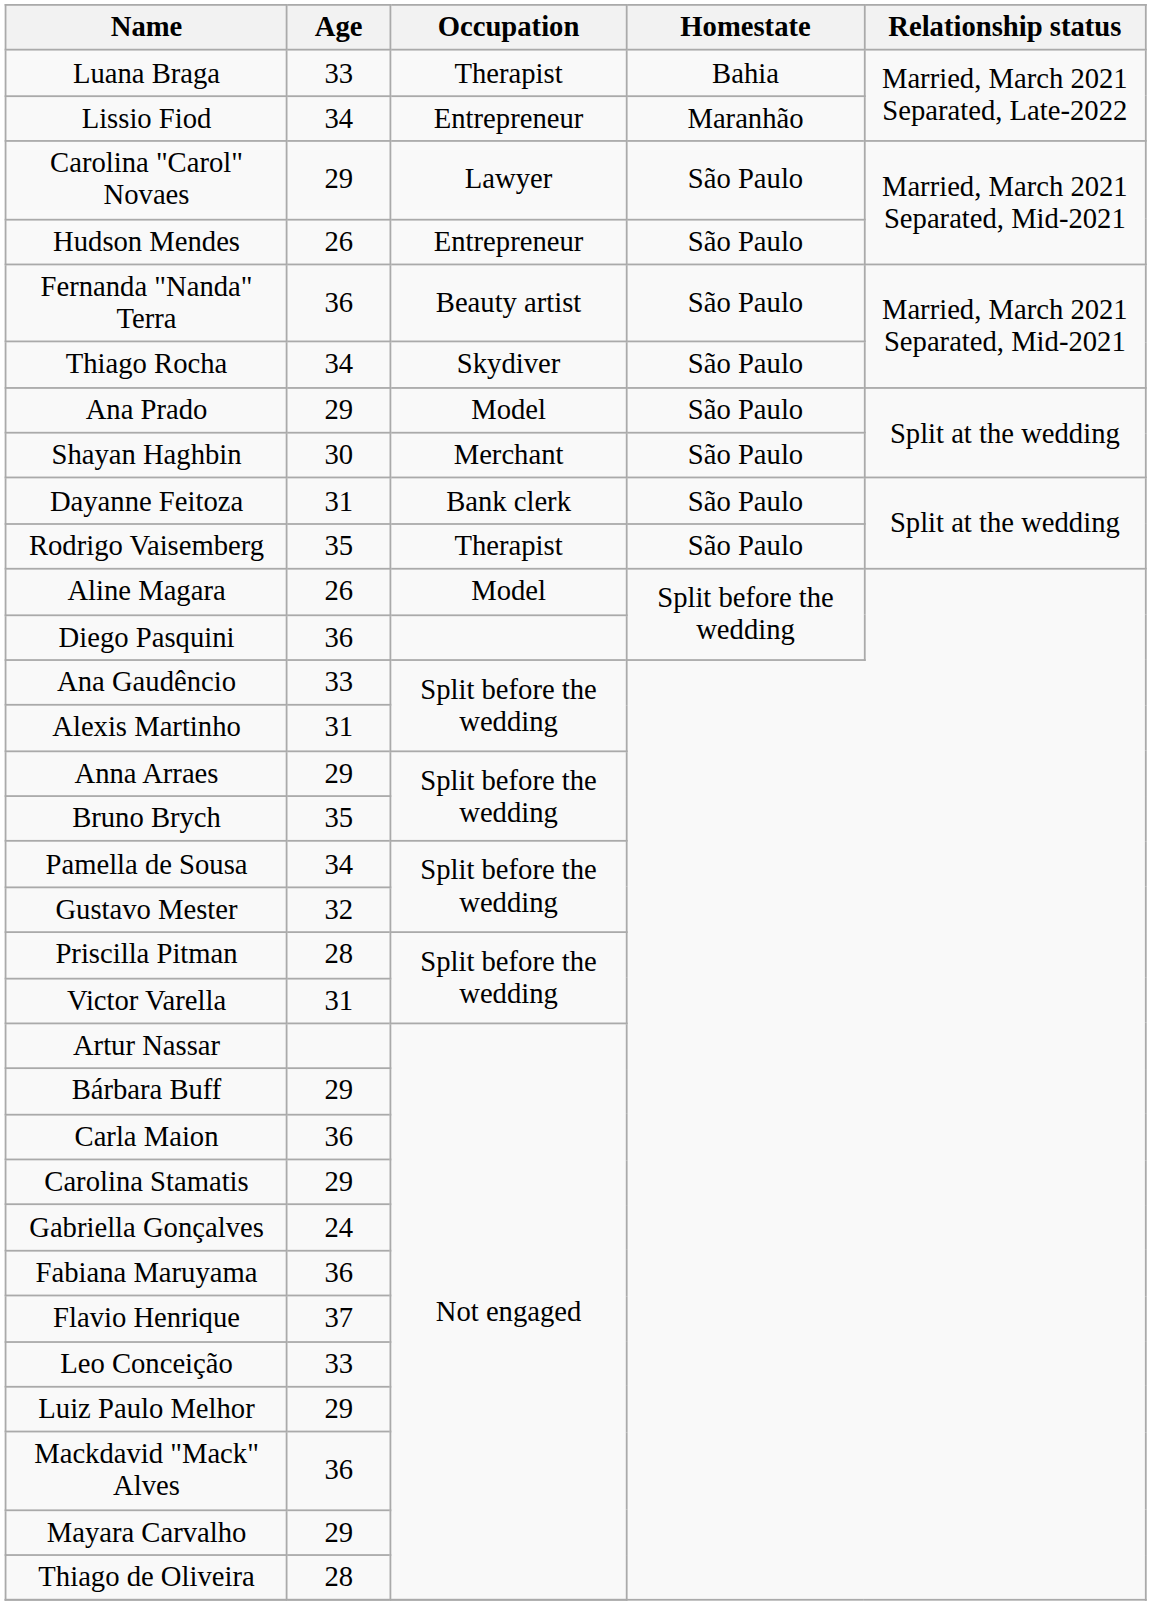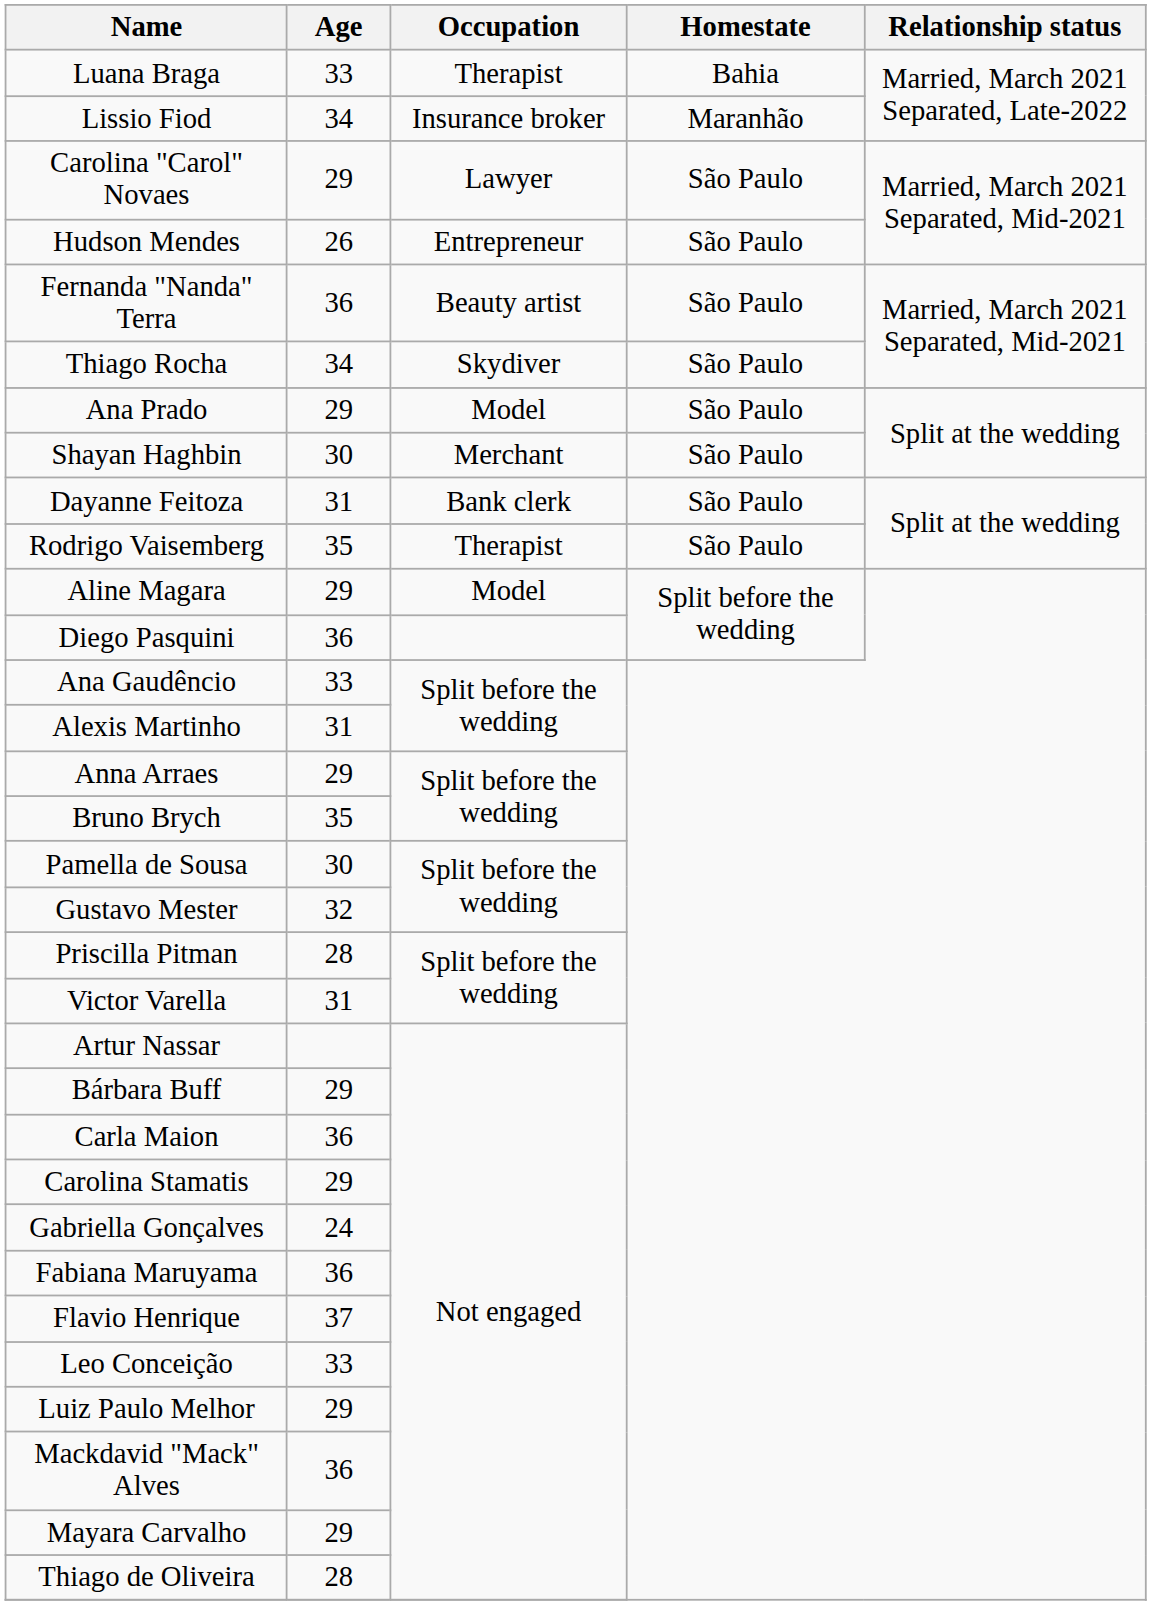 <table class="wikitable sortable"  style="text-align:center;margin:1em auto;">
 <tr>
 <th width=150>Name</th>
 <th width=050>Age</th>
 <th width=125>Occupation</th>
 <th width=125>Homestate</th>
 <th width=150>Relationship status</th>
 </tr>
 <tr>
 <td>Luana Braga</td>
 <td>33</td>
 <td>Therapist</td>
 <td>Bahia</td>
 <td rowspan=2>Married, March 2021<br>Separated, Late-2022</td>
 </tr>
 <tr>
 <td>Lissio Fiod</td>
 <td>34</td>
-<td>Entrepreneur</td>
+<td>Insurance broker</td>
 <td>Maranhão</td>
 </tr>
 <tr>
 <td>Carolina "Carol" Novaes</td>
 <td>29</td>
 <td>Lawyer</td>
 <td>São Paulo</td>
 <td rowspan=2>Married, March 2021<br>Separated, Mid-2021</td>
 </tr>
 <tr>
 <td>Hudson Mendes</td>
 <td>26</td>
 <td>Entrepreneur</td>
 <td>São Paulo</td>
 </tr>
 <tr>
 <td>Fernanda "Nanda" Terra</td>
 <td>36</td>
 <td>Beauty artist</td>
 <td>São Paulo</td>
 <td rowspan=2>Married, March 2021<br>Separated, Mid-2021</td>
 </tr>
 <tr>
 <td>Thiago Rocha</td>
 <td>34</td>
 <td>Skydiver</td>
 <td>São Paulo</td>
 </tr>
 <tr>
 <td>Ana Prado</td>
 <td>29</td>
 <td>Model</td>
 <td>São Paulo</td>
 <td rowspan=2>Split at the wedding</td>
 </tr>
 <tr>
 <td>Shayan Haghbin</td>
 <td>30</td>
 <td>Merchant</td>
 <td>São Paulo</td>
 </tr>
 <tr>
 <td>Dayanne Feitoza</td>
 <td>31</td>
 <td>Bank clerk</td>
 <td>São Paulo</td>
 <td rowspan=2>Split at the wedding</td>
 </tr>
 <tr>
 <td>Rodrigo Vaisemberg</td>
 <td>35</td>
 <td>Therapist</td>
 <td>São Paulo</td>
 </tr>
 <tr>
 <td>Aline Magara</td>
-<td>26</td>
+<td>29</td>
 <td>Model</td>
 <td rowspan=02>Split before the wedding<br></td>
 </tr>
 <tr>
 <td>Diego Pasquini</td>
 <td>36</td>
 </tr>
 <tr>
 <td>Ana Gaudêncio</td>
 <td>33</td>
 <td rowspan=02>Split before the wedding<br></td>
 </tr>
 <tr>
 <td>Alexis Martinho</td>
 <td>31</td>
 </tr>
 <tr>
 <td>Anna Arraes</td>
 <td>29</td>
 <td rowspan=02>Split before the wedding<br></td>
 </tr>
 <tr>
 <td>Bruno Brych</td>
 <td>35</td>
 </tr>
 <tr>
 <td>Pamella de Sousa</td>
-<td>34</td>
+<td>30</td>
 <td rowspan=02>Split before the wedding<br></td>
 </tr>
 <tr>
 <td>Gustavo Mester</td>
 <td>32</td>
 </tr>
 <tr>
 <td>Priscilla Pitman</td>
 <td>28</td>
 <td rowspan=02>Split before the wedding<br></td>
 </tr>
 <tr>
 <td>Victor Varella</td>
 <td>31</td>
 </tr>
 <tr>
 <td>Artur Nassar</td>
 <td></td>
 <td rowspan=12>Not engaged</td>
 </tr>
 <tr>
 <td>Bárbara Buff</td>
 <td>29</td>
 </tr>
 <tr>
 <td>Carla Maion</td>
 <td>36</td>
 </tr>
 <tr>
 <td>Carolina Stamatis</td>
 <td>29</td>
 </tr>
 <tr>
 <td>Gabriella Gonçalves</td>
 <td>24</td>
 </tr>
 <tr>
 <td>Fabiana Maruyama</td>
 <td>36</td>
 </tr>
 <tr>
 <td>Flavio Henrique</td>
 <td>37</td>
 </tr>
 <tr>
 <td>Leo Conceição</td>
 <td>33</td>
 </tr>
 <tr>
 <td>Luiz Paulo Melhor</td>
 <td>29</td>
 </tr>
 <tr>
 <td>Mackdavid "Mack" Alves</td>
 <td>36</td>
 </tr>
 <tr>
 <td>Mayara Carvalho</td>
 <td>29</td>
 </tr>
 <tr>
 <td>Thiago de Oliveira</td>
 <td>28</td>
 </tr>
 <tr>
 </tr>
 </table>
